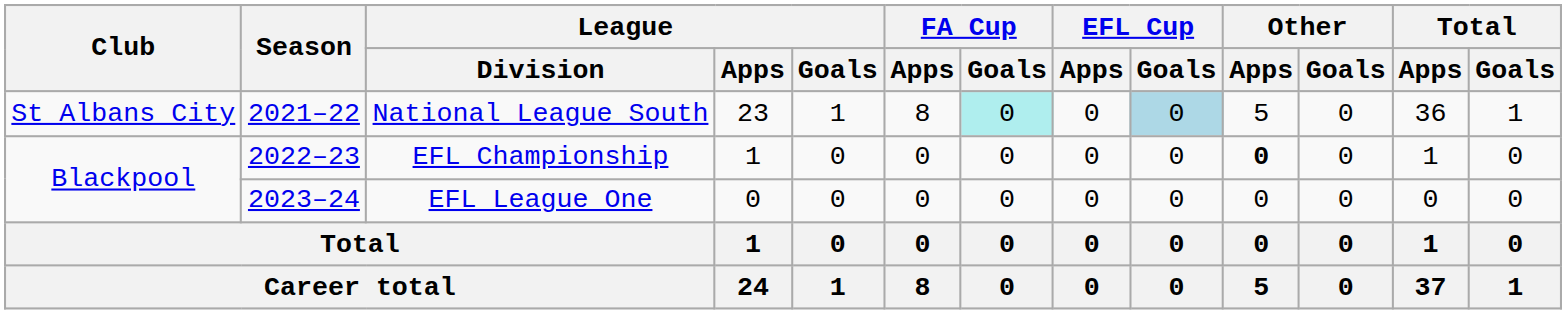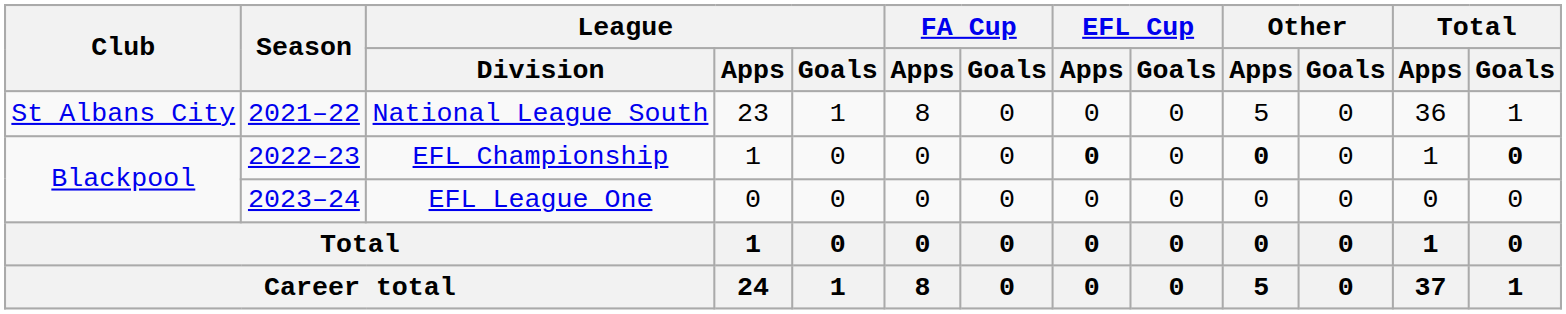 <table class="wikitable" style="text-align:center;">
 <tr>
 <th rowspan="2">Club</th>
 <th rowspan="2">Season</th>
 <th colspan="3">League</th>
 <th colspan="2"><a href='#'>FA Cup</a></th>
 <th colspan="2"><a href='#'>EFL Cup</a></th>
 <th colspan="2">Other</th>
 <th colspan="2">Total</th>
 </tr>
 <tr>
 <th>Division</th>
 <th>Apps</th>
 <th>Goals</th>
 <th>Apps</th>
 <th>Goals</th>
 <th>Apps</th>
 <th>Goals</th>
 <th>Apps</th>
 <th>Goals</th>
 <th>Apps</th>
 <th>Goals</th>
 </tr>
 <tr>
 <td><a href='#'>St Albans City</a></td>
 <td><a href='#'>2021–22</a></td>
 <td><a href='#'>National League South</a></td>
 <td>23</td>
 <td>1</td>
 <td>8</td>
-<td style="background: paleturquoise;">0</td>
 <td>0</td>
-<td style="background: lightblue;">0</td>
+<td>0</td>
+<td>0</td>
 <td>5</td>
 <td>0</td>
 <td>36</td>
 <td>1</td>
 </tr>
 <tr>
 <td rowspan="2"><a href='#'>Blackpool</a></td>
 <td><a href='#'>2022–23</a></td>
 <td><a href='#'>EFL Championship</a></td>
 <td>1</td>
 <td>0</td>
 <td>0</td>
 <td>0</td>
-<td>0</td>
+<td><strong>0</strong></td>
 <td>0</td>
 <td><strong>0</strong></td>
 <td>0</td>
 <td>1</td>
-<td>0</td>
+<td><strong>0</strong></td>
 </tr>
 <tr>
 <td><a href='#'>2023–24</a></td>
 <td><a href='#'>EFL League One</a></td>
 <td>0</td>
 <td>0</td>
 <td>0</td>
 <td>0</td>
 <td>0</td>
 <td>0</td>
 <td>0</td>
 <td>0</td>
 <td>0</td>
 <td>0</td>
 </tr>
 <tr>
 <th colspan="3">Total</th>
 <th>1</th>
 <th>0</th>
 <th>0</th>
 <th>0</th>
 <th>0</th>
 <th>0</th>
 <th>0</th>
 <th>0</th>
 <th>1</th>
 <th>0</th>
 </tr>
 <tr>
 <th colspan="3">Career total</th>
 <th>24</th>
 <th>1</th>
 <th>8</th>
 <th>0</th>
 <th>0</th>
 <th>0</th>
 <th>5</th>
 <th>0</th>
 <th>37</th>
 <th>1</th>
 </tr>
 </table>
